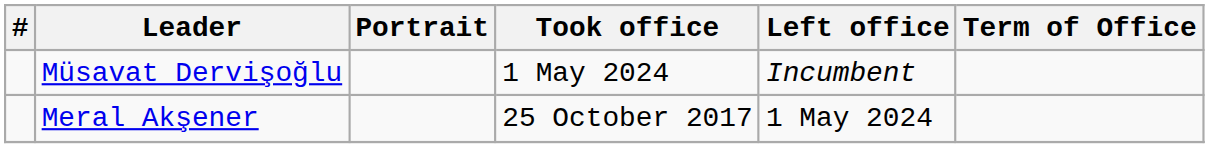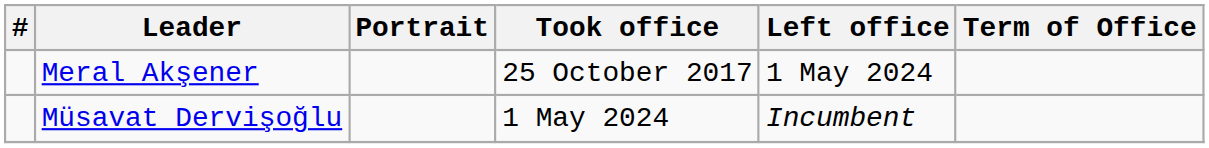 <table class="wikitable">
 <tr>
 <th>#</th>
 <th>Leader<br></th>
 <th>Portrait</th>
 <th>Took office</th>
 <th>Left office</th>
 <th>Term of Office</th>
 </tr>
 <tr>
 <td style="background:"></td>
+<td><a href='#'>Meral Akşener</a><br></td>
+<td></td>
+<td>25 October 2017</td>
+<td>1 May 2024</td>
+<td></td>
+</tr>
+<tr>
+<td style="background:"></td>
 <td><a href='#'>Müsavat Dervişoğlu</a><br></td>
 <td></td>
 <td>1 May 2024</td>
 <td><em>Incumbent</em></td>
 <td></td>
 </tr>
 <tr>
-<td style="background:"></td>
-<td><a href='#'>Meral Akşener</a><br></td>
-<td></td>
-<td>25 October 2017</td>
-<td>1 May 2024</td>
-<td></td>
-</tr>
-<tr>
 </tr>
 </table>
